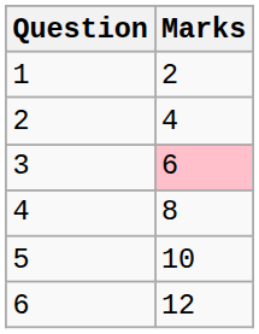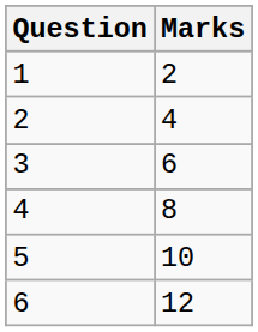 <table class="wikitable">
 <tr>
 <th>Question</th>
 <th>Marks</th>
 </tr>
 <tr>
 <td>1</td>
 <td>2</td>
 </tr>
 <tr>
 <td>2</td>
 <td>4</td>
 </tr>
 <tr>
 <td>3</td>
-<td style="background: pink;">6</td>
+<td>6</td>
 </tr>
 <tr>
 <td>4</td>
 <td>8</td>
 </tr>
 <tr>
 <td>5</td>
 <td>10</td>
 </tr>
 <tr>
 <td>6</td>
 <td>12</td>
 </tr>
 </table>
